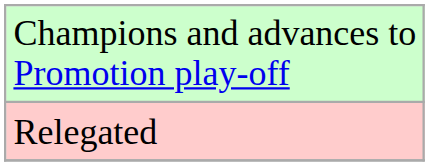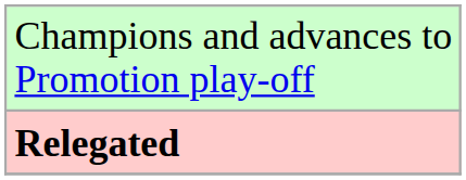 <table class="wikitable">
 <tr width=10px bgcolor="#ccffcc">
 <td>Champions and advances to<br><a href='#'>Promotion play-off</a></td>
 </tr>
 <tr width=10px bgcolor="#ffcccc">
-<td>Relegated</td>
+<td><strong>Relegated</strong></td>
 </tr>
 <tr>
 </tr>
 </table>
